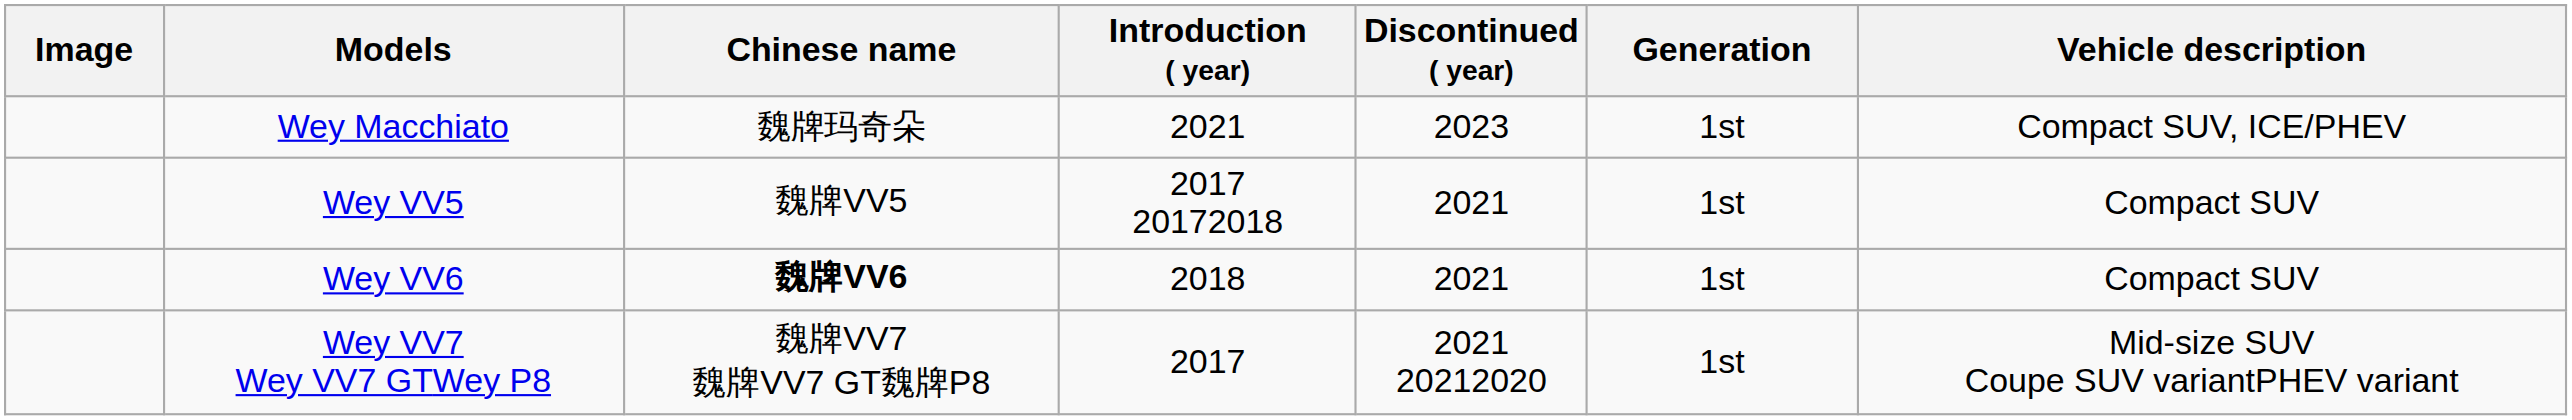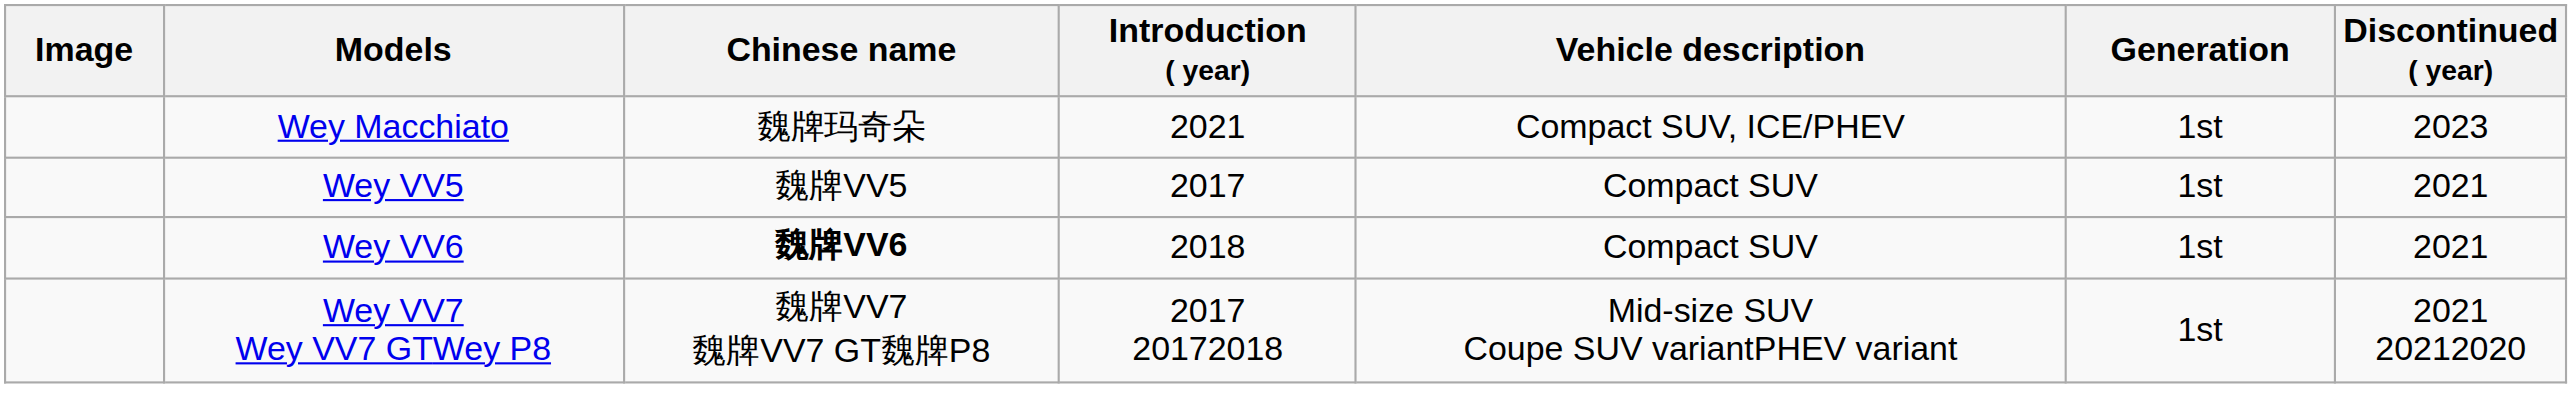 <table class="wikitable sortable" style="text-align: center;">
 <tr>
 <th class="unsortable">Image</th>
 <th>Models</th>
 <th>Chinese name</th>
 <th>Introduction<br><small>( year)</small></th>
+<th>Vehicle description</th>
+<th>Generation</th>
 <th width="9%">Discontinued<br><small>( year)</small></th>
-<th>Generation</th>
-<th>Vehicle description</th>
 </tr>
 <tr>
 <td></td>
 <td><a href='#'>Wey Macchiato</a></td>
 <td>魏牌玛奇朵</td>
 <td>2021</td>
+<td>Compact SUV, ICE/PHEV</td>
+<td>1st</td>
 <td>2023</td>
-<td>1st</td>
-<td>Compact SUV, ICE/PHEV</td>
 </tr>
 <tr>
 <td></td>
 <td><a href='#'>Wey VV5</a></td>
 <td>魏牌VV5</td>
-<td>2017<br>20172018</td>
+<td>2017</td>
+<td>Compact SUV</td>
+<td>1st</td>
 <td>2021</td>
-<td>1st</td>
-<td>Compact SUV</td>
 </tr>
 <tr>
 <td></td>
 <td><a href='#'>Wey VV6</a></td>
 <td><strong>魏牌VV6</strong></td>
 <td>2018</td>
+<td>Compact SUV</td>
+<td>1st</td>
 <td>2021</td>
-<td>1st</td>
-<td>Compact SUV</td>
 </tr>
 <tr>
 <td><br></td>
 <td><a href='#'>Wey VV7</a><br><a href='#'>Wey VV7 GT</a><a href='#'>Wey P8</a></td>
 <td>魏牌VV7<br>魏牌VV7 GT魏牌P8</td>
-<td>2017</td>
+<td>2017<br>20172018</td>
+<td>Mid-size SUV<br>Coupe SUV variantPHEV variant</td>
+<td>1st</td>
 <td>2021<br>20212020</td>
-<td>1st</td>
-<td>Mid-size SUV<br>Coupe SUV variantPHEV variant</td>
 </tr>
 </table>
